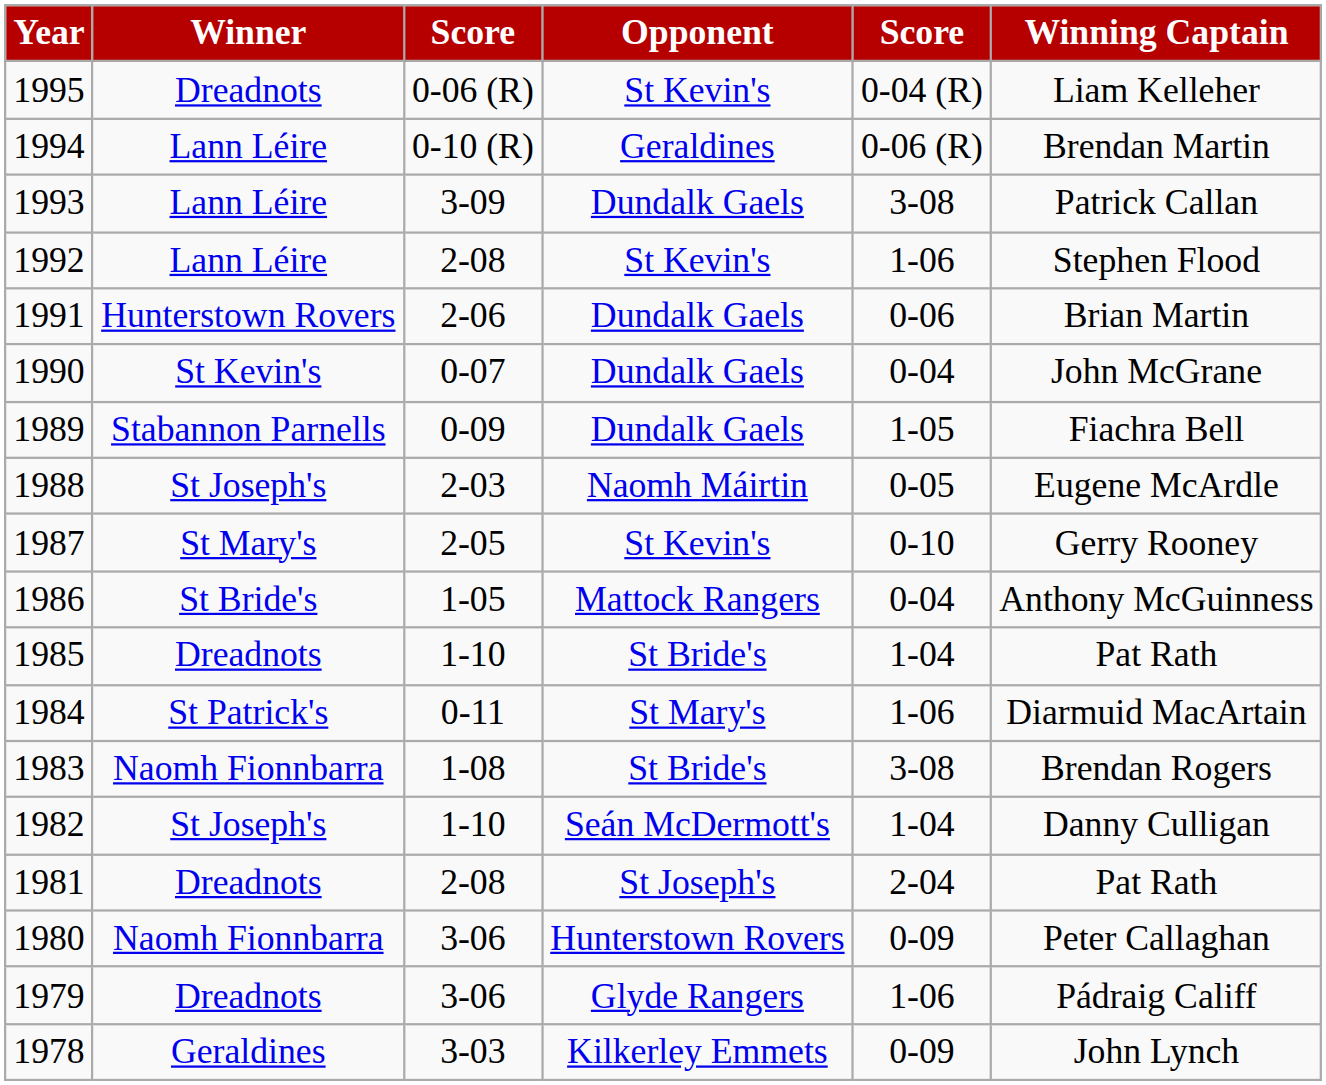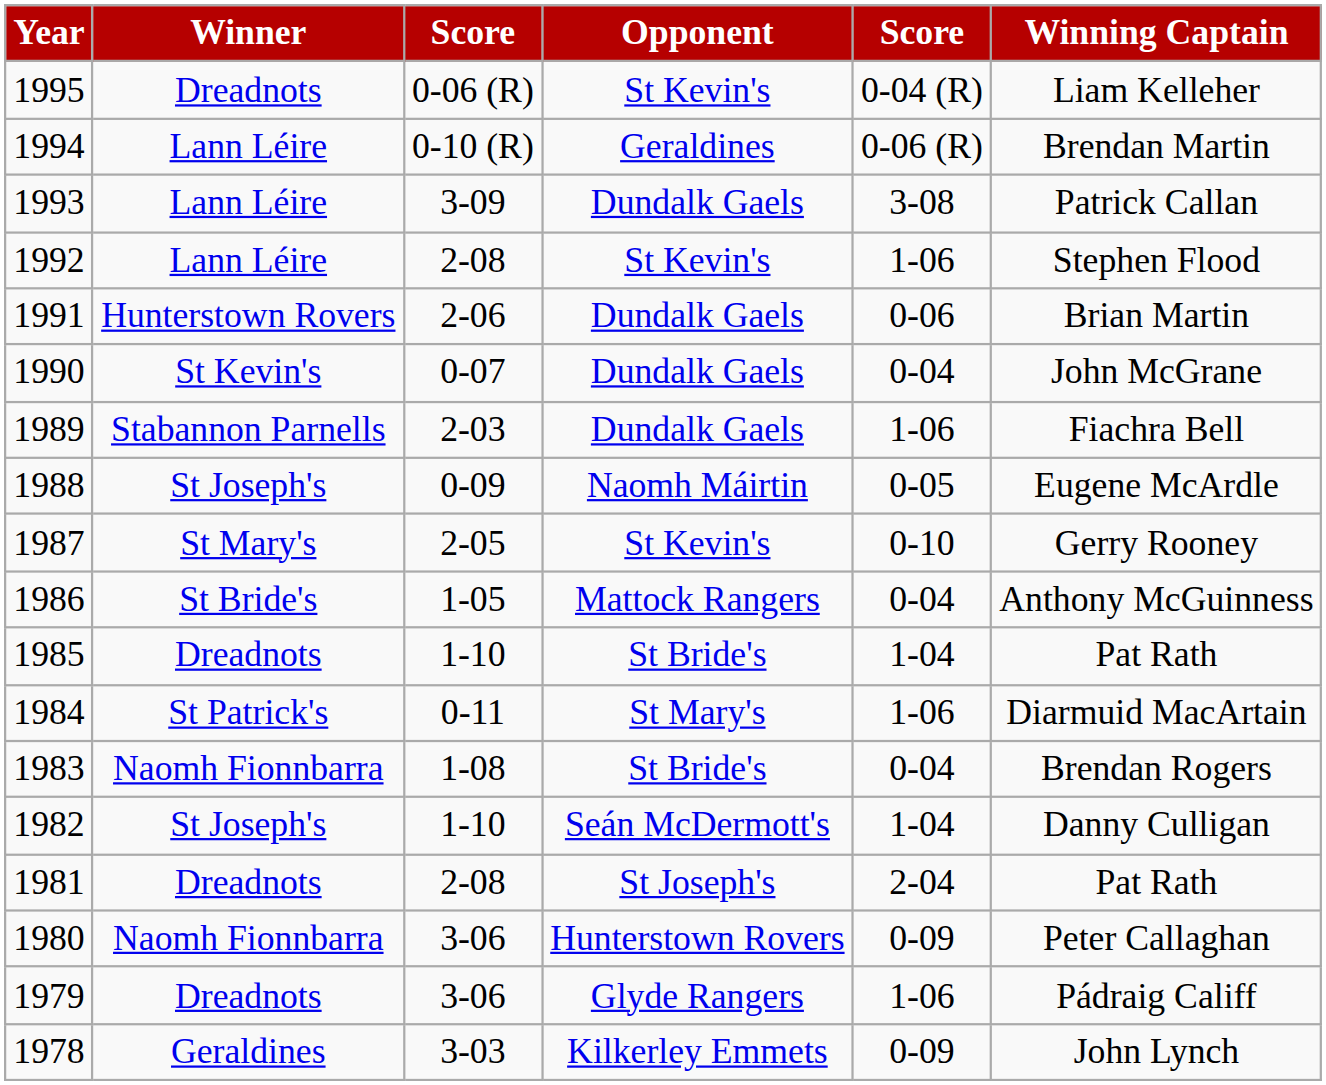 <table class="wikitable" style="text-align:center;">
 <tr>
 <th style="background:#B60000;color:white">Year</th>
 <th style="background:#B60000;color:white">Winner</th>
 <th style="background:#B60000;color:white">Score</th>
 <th style="background:#B60000;color:white">Opponent</th>
 <th style="background:#B60000;color:white">Score</th>
 <th style="background:#B60000;color:white">Winning Captain</th>
 </tr>
 <tr>
 <td>1995</td>
 <td><a href='#'>Dreadnots</a></td>
 <td>0-06 (R)</td>
 <td><a href='#'>St Kevin's</a></td>
 <td>0-04 (R)</td>
 <td>Liam Kelleher</td>
 </tr>
 <tr>
 <td>1994</td>
 <td><a href='#'>Lann Léire</a></td>
 <td>0-10 (R)</td>
 <td><a href='#'>Geraldines</a></td>
 <td>0-06 (R)</td>
 <td>Brendan Martin</td>
 </tr>
 <tr>
 <td>1993</td>
 <td><a href='#'>Lann Léire</a></td>
 <td>3-09</td>
 <td><a href='#'>Dundalk Gaels</a></td>
 <td>3-08</td>
 <td>Patrick Callan</td>
 </tr>
 <tr>
 <td>1992</td>
 <td><a href='#'>Lann Léire</a></td>
 <td>2-08</td>
 <td><a href='#'>St Kevin's</a></td>
 <td>1-06</td>
 <td>Stephen Flood</td>
 </tr>
 <tr>
 <td>1991</td>
 <td><a href='#'>Hunterstown Rovers</a></td>
 <td>2-06</td>
 <td><a href='#'>Dundalk Gaels</a></td>
 <td>0-06</td>
 <td>Brian Martin</td>
 </tr>
 <tr>
 <td>1990</td>
 <td><a href='#'>St Kevin's</a></td>
 <td>0-07</td>
 <td><a href='#'>Dundalk Gaels</a></td>
 <td>0-04</td>
 <td>John McGrane</td>
 </tr>
 <tr>
 <td>1989</td>
 <td><a href='#'>Stabannon Parnells</a></td>
-<td>0-09</td>
+<td>2-03</td>
 <td><a href='#'>Dundalk Gaels</a></td>
-<td>1-05</td>
+<td>1-06</td>
 <td>Fiachra Bell</td>
 </tr>
 <tr>
 <td>1988</td>
 <td><a href='#'>St Joseph's</a></td>
-<td>2-03</td>
+<td>0-09</td>
 <td><a href='#'>Naomh Máirtin</a></td>
 <td>0-05</td>
 <td>Eugene McArdle</td>
 </tr>
 <tr>
 <td>1987</td>
 <td><a href='#'>St Mary's</a></td>
 <td>2-05</td>
 <td><a href='#'>St Kevin's</a></td>
 <td>0-10</td>
 <td>Gerry Rooney</td>
 </tr>
 <tr>
 <td>1986</td>
 <td><a href='#'>St Bride's</a></td>
 <td>1-05</td>
 <td><a href='#'>Mattock Rangers</a></td>
 <td>0-04</td>
 <td>Anthony McGuinness</td>
 </tr>
 <tr>
 <td>1985</td>
 <td><a href='#'>Dreadnots</a></td>
 <td>1-10</td>
 <td><a href='#'>St Bride's</a></td>
 <td>1-04</td>
 <td>Pat Rath</td>
 </tr>
 <tr>
 <td>1984</td>
 <td><a href='#'>St Patrick's</a></td>
 <td>0-11</td>
 <td><a href='#'>St Mary's</a></td>
 <td>1-06</td>
 <td>Diarmuid MacArtain</td>
 </tr>
 <tr>
 <td>1983</td>
 <td><a href='#'>Naomh Fionnbarra</a></td>
 <td>1-08</td>
 <td><a href='#'>St Bride's</a></td>
-<td>3-08</td>
+<td>0-04</td>
 <td>Brendan Rogers</td>
 </tr>
 <tr>
 <td>1982</td>
 <td><a href='#'>St Joseph's</a></td>
 <td>1-10</td>
 <td><a href='#'>Seán McDermott's</a></td>
 <td>1-04</td>
 <td>Danny Culligan</td>
 </tr>
 <tr>
 <td>1981</td>
 <td><a href='#'>Dreadnots</a></td>
 <td>2-08</td>
 <td><a href='#'>St Joseph's</a></td>
 <td>2-04</td>
 <td>Pat Rath</td>
 </tr>
 <tr>
 <td>1980</td>
 <td><a href='#'>Naomh Fionnbarra</a></td>
 <td>3-06</td>
 <td><a href='#'>Hunterstown Rovers</a></td>
 <td>0-09</td>
 <td>Peter Callaghan</td>
 </tr>
 <tr>
 <td>1979</td>
 <td><a href='#'>Dreadnots</a></td>
 <td>3-06</td>
 <td><a href='#'>Glyde Rangers</a></td>
 <td>1-06</td>
 <td>Pádraig Califf</td>
 </tr>
 <tr>
 <td>1978</td>
 <td><a href='#'>Geraldines</a></td>
 <td>3-03</td>
 <td><a href='#'>Kilkerley Emmets</a></td>
 <td>0-09</td>
 <td>John Lynch</td>
 </tr>
 </table>
